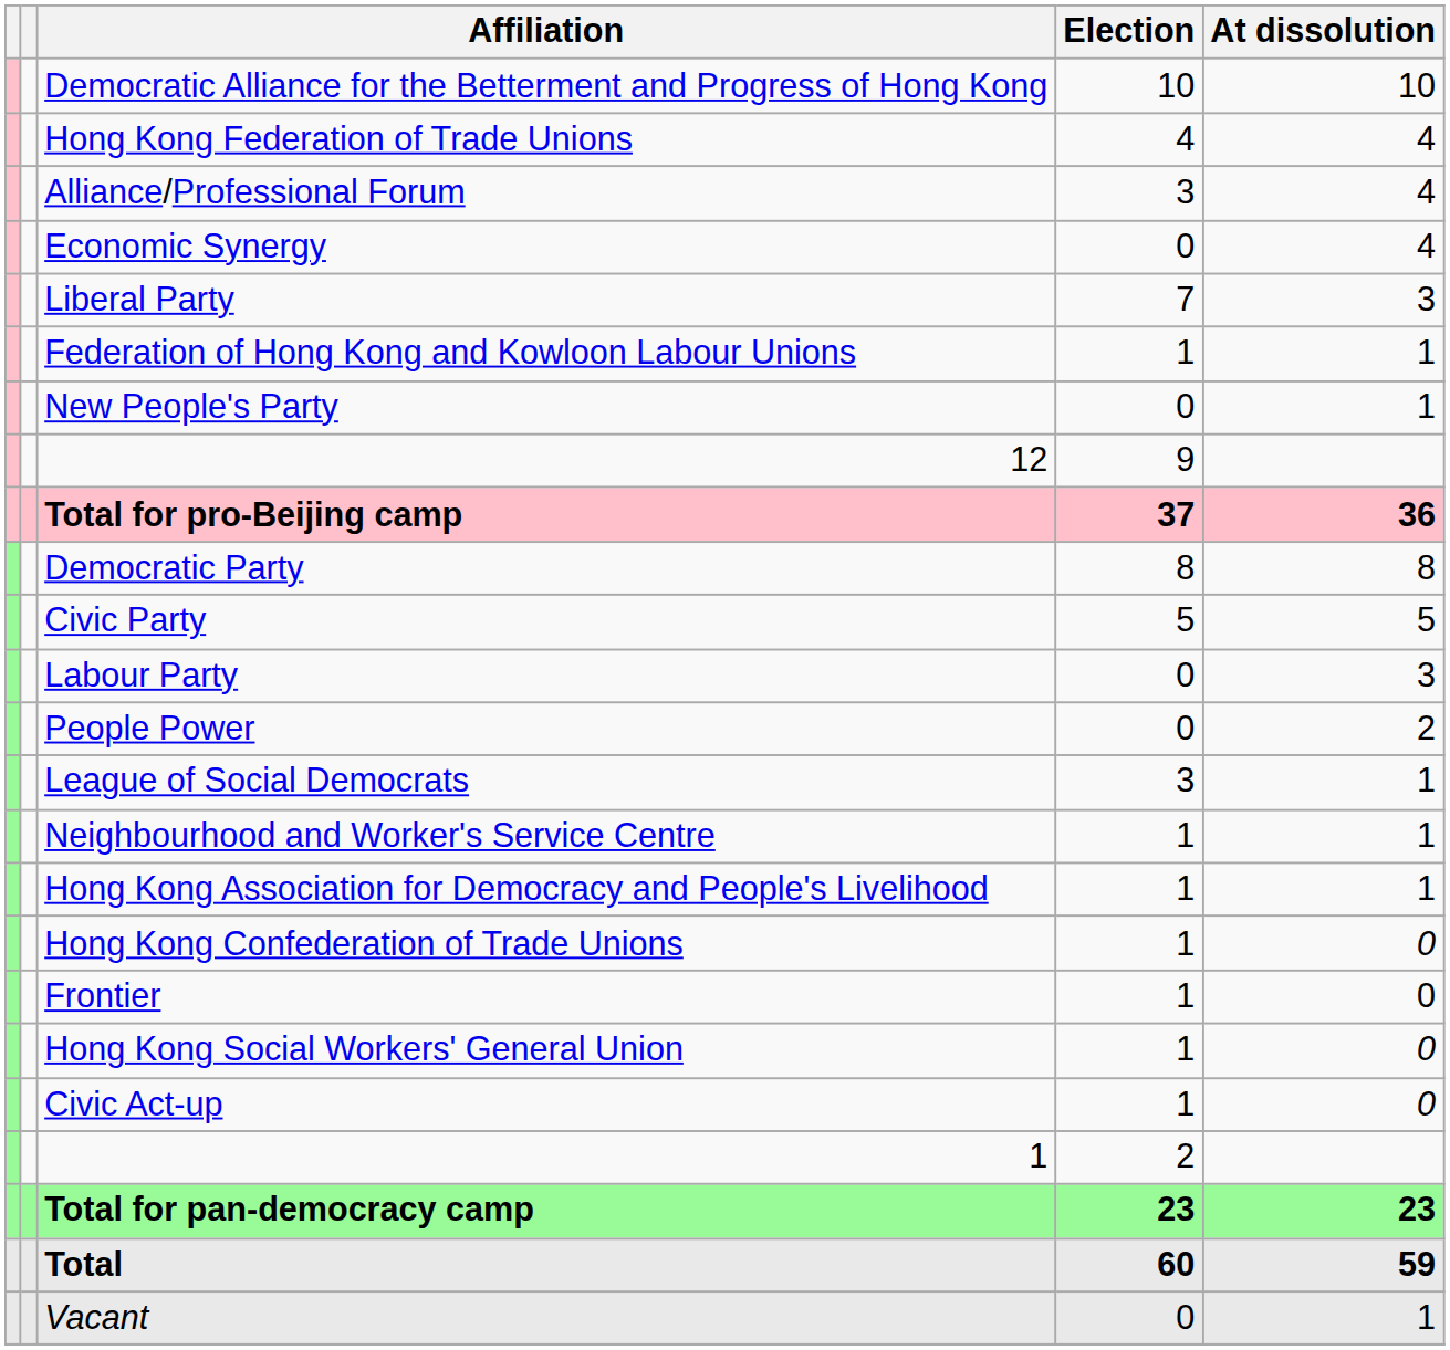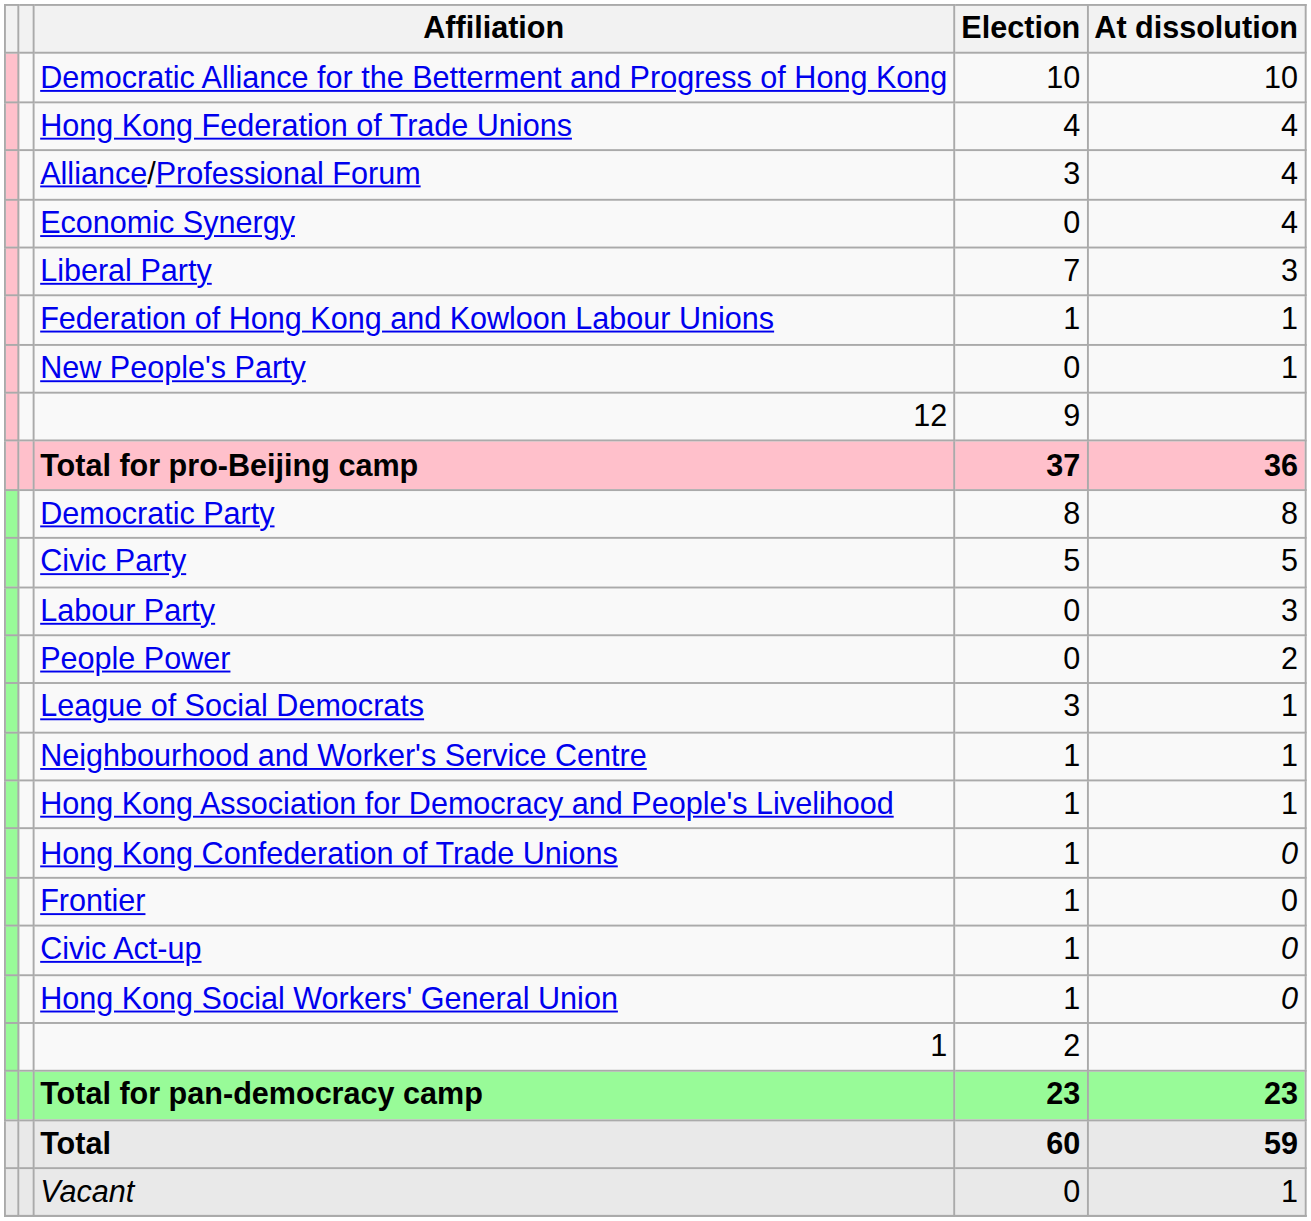 <table class="sortable wikitable">
 <tr>
 <th class="unsortable"></th>
 <th class="unsortable"></th>
 <th>Affiliation</th>
 <th>Election</th>
 <th>At dissolution</th>
 </tr>
 <tr>
 <td bgcolor=Pink></td>
 <td style="color:inherit;background:"></td>
 <td><a href='#'>Democratic Alliance for the Betterment and Progress of Hong Kong</a></td>
 <td align="right">10</td>
 <td align="right">10</td>
 </tr>
 <tr>
 <td bgcolor=Pink></td>
 <td style="color:inherit;background:"></td>
 <td><a href='#'>Hong Kong Federation of Trade Unions</a></td>
 <td align="right">4</td>
 <td align="right">4</td>
 </tr>
 <tr>
 <td bgcolor=Pink></td>
 <td style="color:inherit;background:"></td>
 <td><a href='#'>Alliance</a>/<a href='#'>Professional Forum</a></td>
 <td align="right">3</td>
 <td align="right">4</td>
 </tr>
 <tr>
 <td bgcolor=Pink></td>
 <td style="color:inherit;background:"></td>
 <td><a href='#'>Economic Synergy</a></td>
 <td align="right">0</td>
 <td align="right">4</td>
 </tr>
 <tr>
 <td bgcolor=Pink></td>
 <td style="color:inherit;background:"></td>
 <td><a href='#'>Liberal Party</a></td>
 <td align="right">7</td>
 <td align="right">3</td>
 </tr>
 <tr>
 <td bgcolor=Pink></td>
 <td style="color:inherit;background:"></td>
 <td><a href='#'>Federation of Hong Kong and Kowloon Labour Unions</a></td>
 <td align="right">1</td>
 <td align="right">1</td>
 </tr>
 <tr>
 <td bgcolor=Pink></td>
 <td style="color:inherit;background:"></td>
 <td><a href='#'>New People's Party</a></td>
 <td align="right">0</td>
 <td align="right">1</td>
 </tr>
 <tr>
 <td bgcolor=Pink></td>
 <td></td>
 <td align="right">12</td>
 <td align="right">9</td>
 </tr>
 <tr>
 <td style="color:inherit;background-color:Pink"></td>
 <td style="background-color:Pink"></td>
 <td style="background-color:Pink"><strong>Total for pro-Beijing camp</strong></td>
 <td align="right" style="background-color:Pink"><strong>37</strong></td>
 <td align="right" style="background-color:Pink"><strong>36</strong></td>
 </tr>
 <tr>
 <td bgcolor=PaleGreen></td>
 <td style="color:inherit;background:"></td>
 <td><a href='#'>Democratic Party</a></td>
 <td align="right">8</td>
 <td align="right">8</td>
 </tr>
 <tr>
 <td bgcolor=PaleGreen></td>
 <td style="color:inherit;background:"></td>
 <td><a href='#'>Civic Party</a></td>
 <td align="right">5</td>
 <td align="right">5</td>
 </tr>
 <tr>
 <td bgcolor=PaleGreen></td>
 <td style="color:inherit;background:"></td>
 <td><a href='#'>Labour Party</a></td>
 <td align="right">0</td>
 <td align="right">3</td>
 </tr>
 <tr>
 <td bgcolor=PaleGreen></td>
 <td style="color:inherit;background:"></td>
 <td><a href='#'>People Power</a></td>
 <td align="right">0</td>
 <td align="right">2</td>
 </tr>
 <tr>
 <td bgcolor=PaleGreen></td>
 <td style="color:inherit;background:"></td>
 <td><a href='#'>League of Social Democrats</a></td>
 <td align="right">3</td>
 <td align="right">1</td>
 </tr>
 <tr>
 <td bgcolor=PaleGreen></td>
 <td style="color:inherit;background:"></td>
 <td><a href='#'>Neighbourhood and Worker's Service Centre</a></td>
 <td align="right">1</td>
 <td align="right">1</td>
 </tr>
 <tr>
 <td bgcolor=PaleGreen></td>
 <td style="color:inherit;background:"></td>
 <td><a href='#'>Hong Kong Association for Democracy and People's Livelihood</a></td>
 <td align="right">1</td>
 <td align="right">1</td>
 </tr>
 <tr>
 <td bgcolor=PaleGreen></td>
 <td style="color:inherit;background:"></td>
 <td><a href='#'>Hong Kong Confederation of Trade Unions</a></td>
 <td align="right">1</td>
 <td align="right"><em>0</em></td>
 </tr>
 <tr>
 <td bgcolor=PaleGreen></td>
 <td style="color:inherit;background:"></td>
 <td><a href='#'>Frontier</a></td>
 <td align="right">1</td>
 <td align="right">0</td>
 </tr>
 <tr>
 <td bgcolor=PaleGreen></td>
 <td style="color:inherit;background:"></td>
-<td><a href='#'>Hong Kong Social Workers' General Union</a></td>
+<td><a href='#'>Civic Act-up</a></td>
 <td align="right">1</td>
 <td align="right"><em>0</em></td>
 </tr>
 <tr>
 <td bgcolor=PaleGreen></td>
 <td style="color:inherit;background:"></td>
-<td><a href='#'>Civic Act-up</a></td>
+<td><a href='#'>Hong Kong Social Workers' General Union</a></td>
 <td align="right">1</td>
 <td align="right"><em>0</em></td>
 </tr>
 <tr>
 <td bgcolor=PaleGreen></td>
 <td></td>
 <td align="right">1</td>
 <td align="right">2</td>
 </tr>
 <tr>
 <td style="color:inherit;background-color:PaleGreen"></td>
 <td style="background-color:PaleGreen"></td>
 <td style="background-color:PaleGreen"><strong>Total for pan-democracy camp</strong></td>
 <td align="right" style="background-color:PaleGreen"><strong>23</strong></td>
 <td align="right" style="background-color:PaleGreen"><strong>23</strong></td>
 </tr>
 <tr class="sortbottom">
 <td style="color:inherit;background-color:#E9E9E9"></td>
 <td style="color:inherit;background-color:#E9E9E9"></td>
 <td style="background-color:#E9E9E9"><strong>Total</strong></td>
 <td align="right" style="background-color:#E9E9E9"><strong>60</strong></td>
 <td align="right" style="background-color:#E9E9E9"><strong>59</strong></td>
 </tr>
 <tr class="sortbottom">
 <td style="color:inherit;background-color:#E9E9E9"></td>
 <td style="color:inherit;background-color:#E9E9E9"></td>
 <td style="background-color:#E9E9E9"><em>Vacant</em></td>
 <td align="right" style="background-color:#E9E9E9">0</td>
 <td align="right" style="background-color:#E9E9E9">1</td>
 </tr>
 <tr>
 </tr>
 </table>
